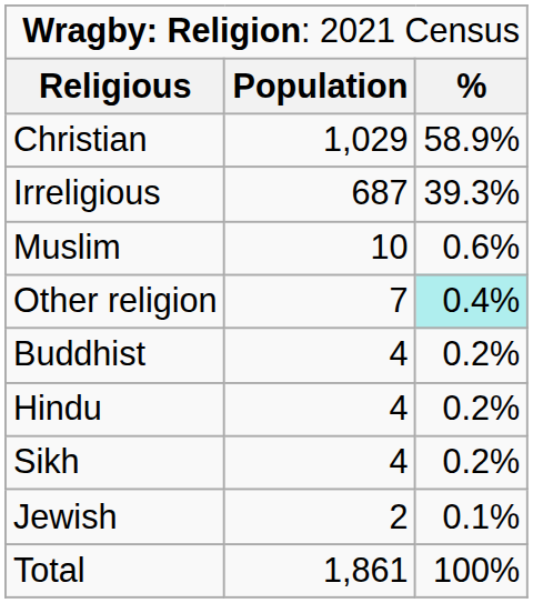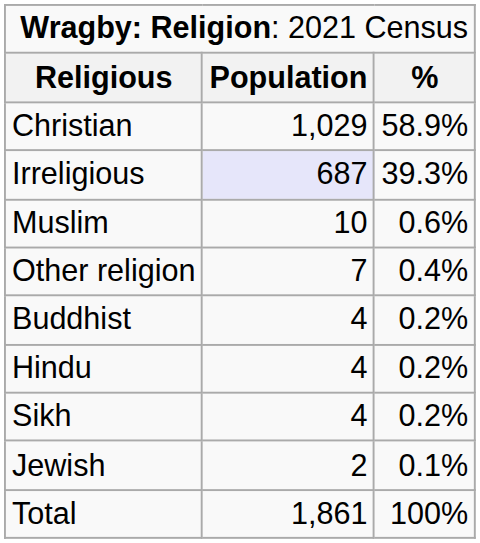 <table class="wikitable">
 <tr>
 <td colspan="14" style="text-align:right;"><strong>Wragby: Religion</strong>: 2021 Census</td>
 </tr>
 <tr>
 <th>Religious</th>
 <th>Population</th>
 <th>%</th>
 </tr>
 <tr>
 <td>Christian</td>
 <td style="text-align:right;">1,029</td>
 <td style="text-align:right;">58.9%</td>
 </tr>
 <tr>
 <td>Irreligious</td>
-<td style="text-align:right;">687</td>
+<td style="background: lavender; text-align:right;">687</td>
 <td style="text-align:right;">39.3%</td>
 </tr>
 <tr>
 <td>Muslim</td>
 <td style="text-align:right;">10</td>
 <td style="text-align:right;">0.6%</td>
 </tr>
 <tr>
 <td>Other religion</td>
 <td style="text-align:right;">7</td>
-<td style="background: paleturquoise; text-align:right;">0.4%</td>
+<td style="text-align:right;">0.4%</td>
 </tr>
 <tr>
 <td>Buddhist</td>
 <td style="text-align:right;">4</td>
 <td style="text-align:right;">0.2%</td>
 </tr>
 <tr>
 <td>Hindu</td>
 <td style="text-align:right;">4</td>
 <td style="text-align:right;">0.2%</td>
 </tr>
 <tr>
 <td>Sikh</td>
 <td style="text-align:right;">4</td>
 <td style="text-align:right;">0.2%</td>
 </tr>
 <tr>
 <td>Jewish</td>
 <td style="text-align:right;">2</td>
 <td style="text-align:right;">0.1%</td>
 </tr>
 <tr>
 <td>Total</td>
 <td style="text-align:right;">1,861</td>
 <td style="text-align:right;">100%</td>
 </tr>
 </table>
